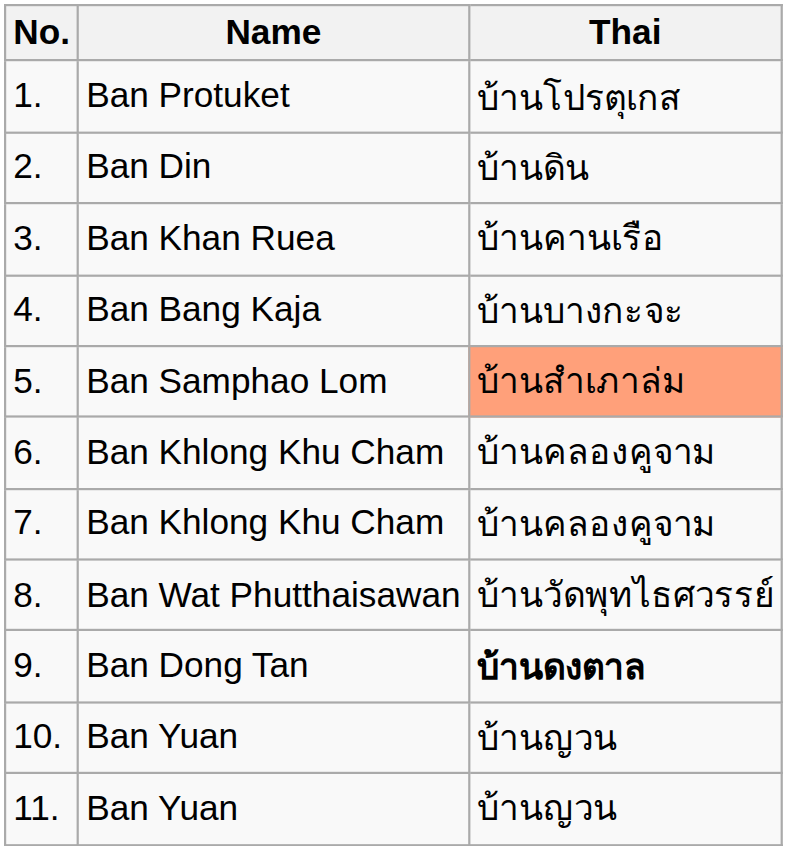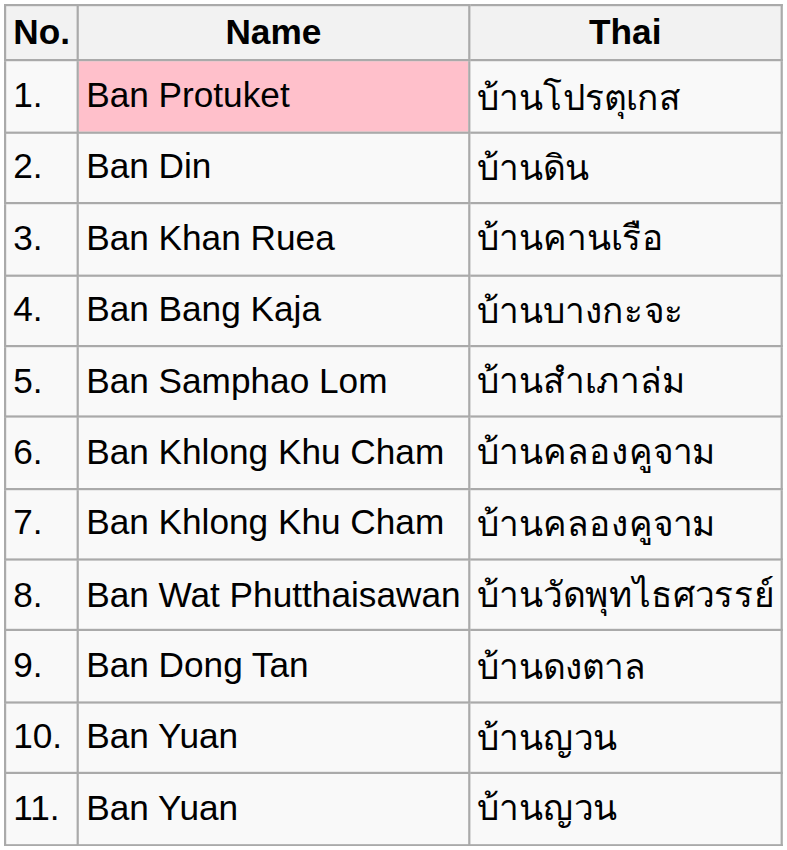 <table class="wikitable sortable">
 <tr>
 <th>No.</th>
 <th>Name</th>
 <th>Thai</th>
 </tr>
 <tr>
 <td>1.</td>
-<td>Ban Protuket</td>
+<td style="background: pink;">Ban Protuket</td>
 <td>บ้านโปรตุเกส</td>
 </tr>
 <tr>
 <td>2.</td>
 <td>Ban Din</td>
 <td>บ้านดิน</td>
 </tr>
 <tr>
 <td>3.</td>
 <td>Ban Khan Ruea</td>
 <td>บ้านคานเรือ</td>
 </tr>
 <tr>
 <td>4.</td>
 <td>Ban Bang Kaja</td>
 <td>บ้านบางกะจะ</td>
 </tr>
 <tr>
 <td>5.</td>
 <td>Ban Samphao Lom</td>
-<td style="background: lightsalmon;">บ้านสำเภาล่ม</td>
+<td>บ้านสำเภาล่ม</td>
 </tr>
 <tr>
 <td>6.</td>
 <td>Ban Khlong Khu Cham</td>
 <td>บ้านคลองคูจาม</td>
 </tr>
 <tr>
 <td>7.</td>
 <td>Ban Khlong Khu Cham</td>
 <td>บ้านคลองคูจาม</td>
 </tr>
 <tr>
 <td>8.</td>
 <td>Ban Wat Phutthaisawan</td>
 <td>บ้านวัดพุทไธศวรรย์</td>
 </tr>
 <tr>
 <td>9.</td>
 <td>Ban Dong Tan</td>
-<td><strong>บ้านดงตาล</strong></td>
+<td>บ้านดงตาล</td>
 </tr>
 <tr>
 <td>10.</td>
 <td>Ban Yuan</td>
 <td>บ้านญวน</td>
 </tr>
 <tr>
 <td>11.</td>
 <td>Ban Yuan</td>
 <td>บ้านญวน</td>
 </tr>
 <tr>
 </tr>
 </table>
